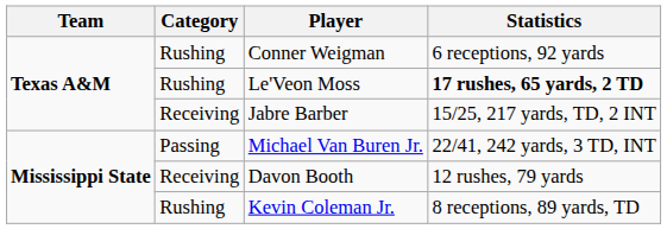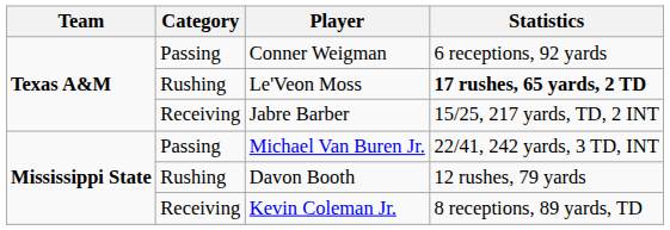 <table class="wikitable" style="float: right;">
 <tr>
 <th>Team</th>
 <th>Category</th>
 <th>Player</th>
 <th>Statistics</th>
 </tr>
 <tr>
 <td rowspan=3><strong>Texas A&M</strong></td>
-<td>Rushing</td>
+<td>Passing</td>
 <td>Conner Weigman</td>
 <td>6 receptions, 92 yards</td>
 </tr>
 <tr>
 <td>Rushing</td>
 <td>Le'Veon Moss</td>
 <td><strong>17 rushes, 65 yards, 2 TD</strong></td>
 </tr>
 <tr>
 <td>Receiving</td>
 <td>Jabre Barber</td>
 <td>15/25, 217 yards, TD, 2 INT</td>
 </tr>
 <tr>
 <td rowspan=3><strong>Mississippi State</strong></td>
 <td>Passing</td>
 <td><a href='#'>Michael Van Buren Jr.</a></td>
 <td>22/41, 242 yards, 3 TD, INT</td>
 </tr>
 <tr>
-<td>Receiving</td>
+<td>Rushing</td>
 <td>Davon Booth</td>
 <td>12 rushes, 79 yards</td>
 </tr>
 <tr>
-<td>Rushing</td>
+<td>Receiving</td>
 <td><a href='#'>Kevin Coleman Jr.</a></td>
 <td>8 receptions, 89 yards, TD</td>
 </tr>
 </table>
